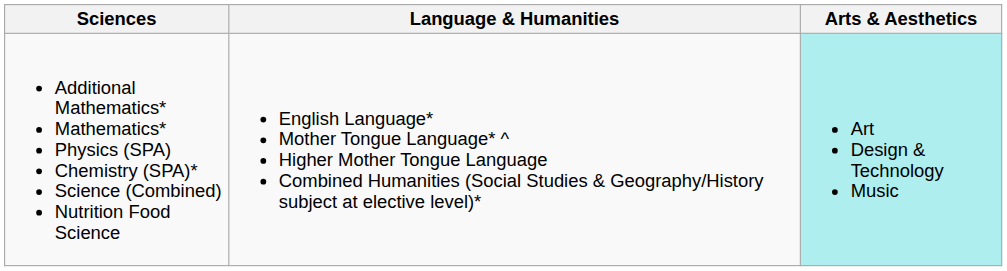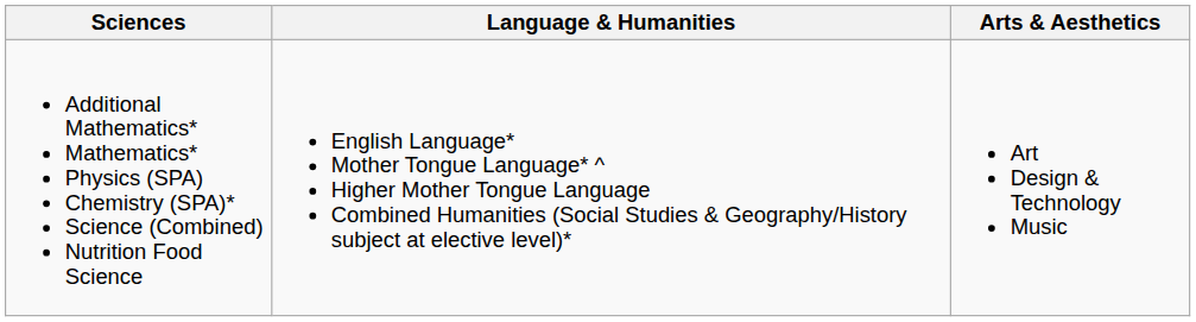 <table class="wikitable">
 <tr>
 <th>Sciences</th>
 <th><strong>Language & Humanities</strong></th>
 <th><strong>Arts & Aesthetics</strong></th>
 </tr>
 <tr>
 <td><br><ul><li>Additional Mathematics*</li><li>Mathematics*</li><li>Physics (SPA)</li><li>Chemistry (SPA)*</li><li>Science (Combined)</li><li>Nutrition Food Science</li></ul></td>
 <td><br><ul><li>English Language*</li><li>Mother Tongue Language* ^</li><li>Higher Mother Tongue Language</li><li>Combined Humanities (Social Studies & Geography/History subject at elective level)*</li></ul></td>
-<td style="background: paleturquoise;"><br><ul><li>Art</li><li>Design & Technology</li><li>Music</li></ul></td>
+<td><br><ul><li>Art</li><li>Design & Technology</li><li>Music</li></ul></td>
 </tr>
 </table>
